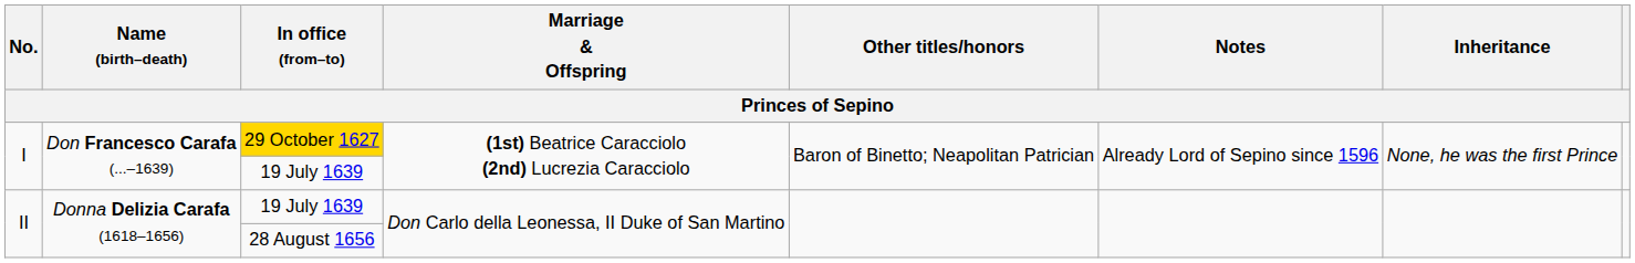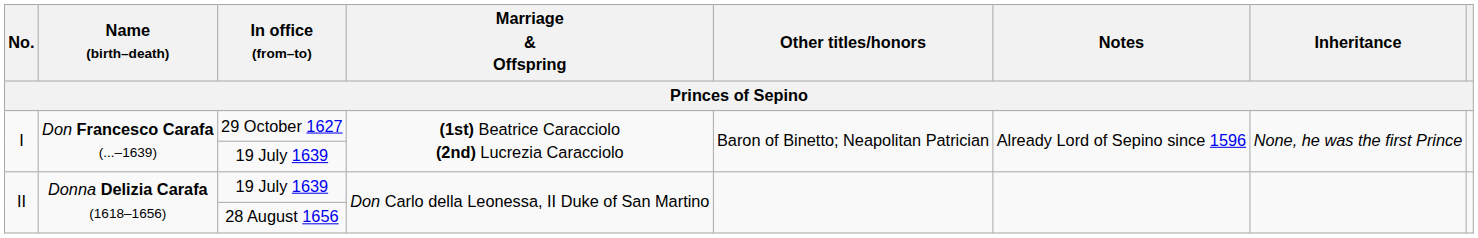 <table class="wikitable" style="line-height:1.4em; text-align:center">
 <tr>
 <th>No.</th>
 <th>Name<br><small>(birth–death)</small></th>
 <th>In office<br><small>(from–to)</small></th>
 <th>Marriage<br>&<br>Offspring</th>
 <th>Other titles/honors</th>
 <th>Notes</th>
 <th>Inheritance</th>
 <th></th>
 </tr>
 <tr>
 <th class=noprint colspan=8 style="font-weight:normal" style="background:#FFD700"><strong>Princes of Sepino</strong></th>
 </tr>
 <tr>
 <td rowspan=2>I</td>
 <td rowspan=2><em>Don</em> <strong>Francesco Carafa</strong><br><small>(...–1639)</small></td>
-<td style="background: gold;">29 October <a href='#'>1627</a></td>
+<td>29 October <a href='#'>1627</a></td>
 <td rowspan=2><strong>(1st)</strong> Beatrice Caracciolo<br><strong>(2nd)</strong> Lucrezia Caracciolo</td>
 <td rowspan=2>Baron of Binetto; Neapolitan Patrician</td>
 <td rowspan=2>Already Lord of Sepino since <a href='#'>1596</a></td>
 <td rowspan=2><em>None, he was the first Prince</em></td>
 <td rowspan=2></td>
 </tr>
 <tr>
 <td>19 July <a href='#'>1639</a></td>
 </tr>
 <tr>
 <td rowspan=2>II</td>
 <td rowspan=2><em>Donna</em> <strong>Delizia Carafa</strong><br><small>(1618–1656)</small></td>
 <td>19 July <a href='#'>1639</a></td>
 <td rowspan=2><em>Don</em> Carlo della Leonessa, II Duke of San Martino</td>
 <td rowspan=2></td>
 <td rowspan=2></td>
 <td rowspan=2></td>
 <td rowspan=2></td>
 </tr>
 <tr>
 <td>28 August <a href='#'>1656</a></td>
 </tr>
 </table>
